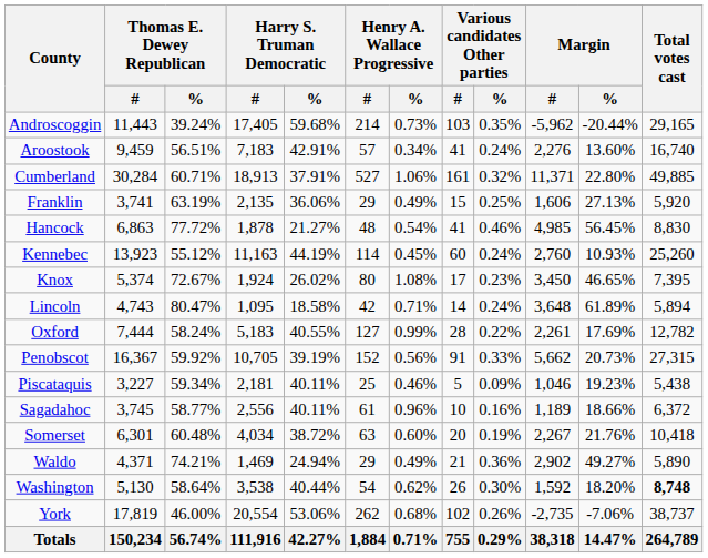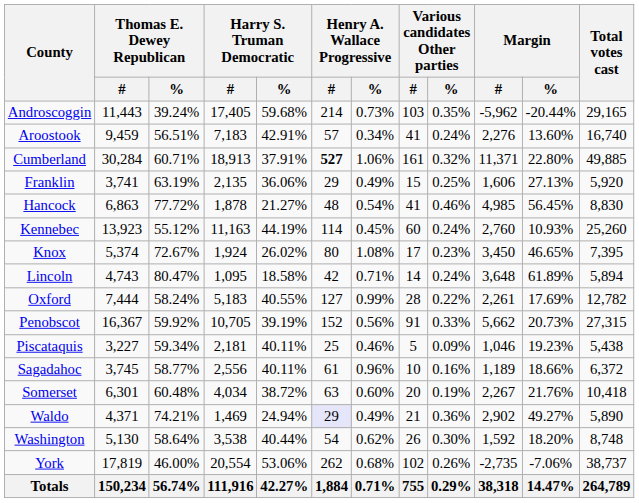 <table width="60%" class="wikitable sortable">
 <tr>
 <th rowspan="2">County</th>
 <th colspan="2">Thomas E. Dewey<br>Republican</th>
 <th colspan="2">Harry S. Truman<br>Democratic</th>
 <th colspan="2">Henry A. Wallace<br>Progressive</th>
 <th colspan="2">Various candidates<br>Other parties</th>
 <th colspan="2">Margin</th>
 <th rowspan="2">Total votes cast</th>
 </tr>
 <tr>
 <th style="text-align:center;" data-sort-type="number">#</th>
 <th style="text-align:center;" data-sort-type="number">%</th>
 <th style="text-align:center;" data-sort-type="number">#</th>
 <th style="text-align:center;" data-sort-type="number">%</th>
 <th style="text-align:center;" data-sort-type="number">#</th>
 <th style="text-align:center;" data-sort-type="number">%</th>
 <th style="text-align:center;" data-sort-type="number">#</th>
 <th style="text-align:center;" data-sort-type="number">%</th>
 <th style="text-align:center;" data-sort-type="number">#</th>
 <th style="text-align:center;" data-sort-type="number">%</th>
 </tr>
 <tr style="text-align:center;">
 <td><a href='#'>Androscoggin</a></td>
 <td>11,443</td>
 <td>39.24%</td>
 <td>17,405</td>
 <td>59.68%</td>
 <td>214</td>
 <td>0.73%</td>
 <td>103</td>
 <td>0.35%</td>
 <td>-5,962</td>
 <td>-20.44%</td>
 <td>29,165</td>
 </tr>
 <tr style="text-align:center;">
 <td><a href='#'>Aroostook</a></td>
 <td>9,459</td>
 <td>56.51%</td>
 <td>7,183</td>
 <td>42.91%</td>
 <td>57</td>
 <td>0.34%</td>
 <td>41</td>
 <td>0.24%</td>
 <td>2,276</td>
 <td>13.60%</td>
 <td>16,740</td>
 </tr>
 <tr style="text-align:center;">
 <td><a href='#'>Cumberland</a></td>
 <td>30,284</td>
 <td>60.71%</td>
 <td>18,913</td>
 <td>37.91%</td>
-<td>527</td>
+<td><strong>527</strong></td>
 <td>1.06%</td>
 <td>161</td>
 <td>0.32%</td>
 <td>11,371</td>
 <td>22.80%</td>
 <td>49,885</td>
 </tr>
 <tr style="text-align:center;">
 <td><a href='#'>Franklin</a></td>
 <td>3,741</td>
 <td>63.19%</td>
 <td>2,135</td>
 <td>36.06%</td>
 <td>29</td>
 <td>0.49%</td>
 <td>15</td>
 <td>0.25%</td>
 <td>1,606</td>
 <td>27.13%</td>
 <td>5,920</td>
 </tr>
 <tr style="text-align:center;">
 <td><a href='#'>Hancock</a></td>
 <td>6,863</td>
 <td>77.72%</td>
 <td>1,878</td>
 <td>21.27%</td>
 <td>48</td>
 <td>0.54%</td>
 <td>41</td>
 <td>0.46%</td>
 <td>4,985</td>
 <td>56.45%</td>
 <td>8,830</td>
 </tr>
 <tr style="text-align:center;">
 <td><a href='#'>Kennebec</a></td>
 <td>13,923</td>
 <td>55.12%</td>
 <td>11,163</td>
 <td>44.19%</td>
 <td>114</td>
 <td>0.45%</td>
 <td>60</td>
 <td>0.24%</td>
 <td>2,760</td>
 <td>10.93%</td>
 <td>25,260</td>
 </tr>
 <tr style="text-align:center;">
 <td><a href='#'>Knox</a></td>
 <td>5,374</td>
 <td>72.67%</td>
 <td>1,924</td>
 <td>26.02%</td>
 <td>80</td>
 <td>1.08%</td>
 <td>17</td>
 <td>0.23%</td>
 <td>3,450</td>
 <td>46.65%</td>
 <td>7,395</td>
 </tr>
 <tr style="text-align:center;">
 <td><a href='#'>Lincoln</a></td>
 <td>4,743</td>
 <td>80.47%</td>
 <td>1,095</td>
 <td>18.58%</td>
 <td>42</td>
 <td>0.71%</td>
 <td>14</td>
 <td>0.24%</td>
 <td>3,648</td>
 <td>61.89%</td>
 <td>5,894</td>
 </tr>
 <tr style="text-align:center;">
 <td><a href='#'>Oxford</a></td>
 <td>7,444</td>
 <td>58.24%</td>
 <td>5,183</td>
 <td>40.55%</td>
 <td>127</td>
 <td>0.99%</td>
 <td>28</td>
 <td>0.22%</td>
 <td>2,261</td>
 <td>17.69%</td>
 <td>12,782</td>
 </tr>
 <tr style="text-align:center;">
 <td><a href='#'>Penobscot</a></td>
 <td>16,367</td>
 <td>59.92%</td>
 <td>10,705</td>
 <td>39.19%</td>
 <td>152</td>
 <td>0.56%</td>
 <td>91</td>
 <td>0.33%</td>
 <td>5,662</td>
 <td>20.73%</td>
 <td>27,315</td>
 </tr>
 <tr style="text-align:center;">
 <td><a href='#'>Piscataquis</a></td>
 <td>3,227</td>
 <td>59.34%</td>
 <td>2,181</td>
 <td>40.11%</td>
 <td>25</td>
 <td>0.46%</td>
 <td>5</td>
 <td>0.09%</td>
 <td>1,046</td>
 <td>19.23%</td>
 <td>5,438</td>
 </tr>
 <tr style="text-align:center;">
 <td><a href='#'>Sagadahoc</a></td>
 <td>3,745</td>
 <td>58.77%</td>
 <td>2,556</td>
 <td>40.11%</td>
 <td>61</td>
 <td>0.96%</td>
 <td>10</td>
 <td>0.16%</td>
 <td>1,189</td>
 <td>18.66%</td>
 <td>6,372</td>
 </tr>
 <tr style="text-align:center;">
 <td><a href='#'>Somerset</a></td>
 <td>6,301</td>
 <td>60.48%</td>
 <td>4,034</td>
 <td>38.72%</td>
 <td>63</td>
 <td>0.60%</td>
 <td>20</td>
 <td>0.19%</td>
 <td>2,267</td>
 <td>21.76%</td>
 <td>10,418</td>
 </tr>
 <tr style="text-align:center;">
 <td><a href='#'>Waldo</a></td>
 <td>4,371</td>
 <td>74.21%</td>
 <td>1,469</td>
 <td>24.94%</td>
-<td>29</td>
+<td style="background: lavender;">29</td>
 <td>0.49%</td>
 <td>21</td>
 <td>0.36%</td>
 <td>2,902</td>
 <td>49.27%</td>
 <td>5,890</td>
 </tr>
 <tr style="text-align:center;">
 <td><a href='#'>Washington</a></td>
 <td>5,130</td>
 <td>58.64%</td>
 <td>3,538</td>
 <td>40.44%</td>
 <td>54</td>
 <td>0.62%</td>
 <td>26</td>
 <td>0.30%</td>
 <td>1,592</td>
 <td>18.20%</td>
-<td><strong>8,748</strong></td>
+<td>8,748</td>
 </tr>
 <tr style="text-align:center;">
 <td><a href='#'>York</a></td>
 <td>17,819</td>
 <td>46.00%</td>
 <td>20,554</td>
 <td>53.06%</td>
 <td>262</td>
 <td>0.68%</td>
 <td>102</td>
 <td>0.26%</td>
 <td>-2,735</td>
 <td>-7.06%</td>
 <td>38,737</td>
 </tr>
 <tr style="text-align:center;">
 <th>Totals</th>
 <th>150,234</th>
 <th>56.74%</th>
 <th>111,916</th>
 <th>42.27%</th>
 <th>1,884</th>
 <th>0.71%</th>
 <th>755</th>
 <th>0.29%</th>
 <th>38,318</th>
 <th>14.47%</th>
 <th>264,789</th>
 </tr>
 </table>
